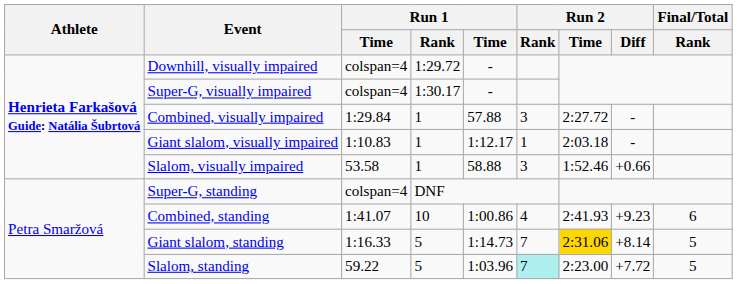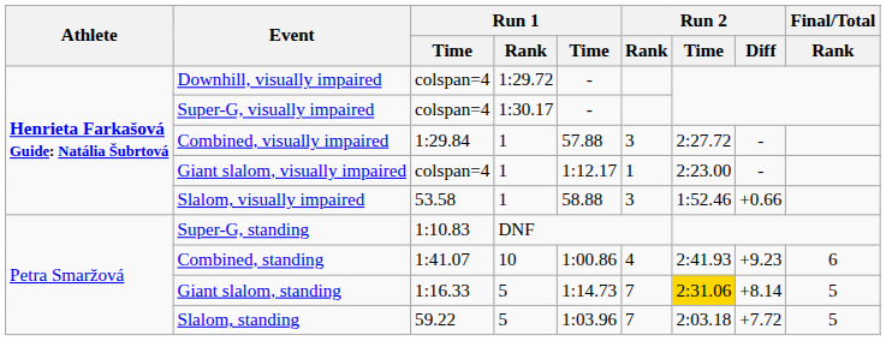 <table class="wikitable" style="font-size:90%">
 <tr>
 <th rowspan="2">Athlete</th>
 <th rowspan="2">Event</th>
 <th colspan="3">Run 1</th>
 <th colspan="3">Run 2</th>
 <th colspan="3">Final/Total</th>
 </tr>
 <tr>
 <th>Time</th>
 <th>Rank</th>
 <th>Time</th>
 <th>Rank</th>
 <th>Time</th>
 <th>Diff</th>
 <th>Rank</th>
 </tr>
 <tr>
 <td rowspan="5"><strong><a href='#'>Henrieta Farkašová</a><br><small><a href='#'>Guide</a>: <a href='#'>Natália Šubrtová</a></small></strong></td>
 <td><a href='#'>Downhill, visually impaired</a></td>
 <td>colspan=4 </td>
 <td align="center">1:29.72</td>
 <td align="center">-</td>
 <td align="center"></td>
 </tr>
 <tr>
 <td><a href='#'>Super-G, visually impaired</a></td>
 <td>colspan=4 </td>
 <td align="center">1:30.17</td>
 <td align="center">-</td>
 <td align="center"></td>
 </tr>
 <tr>
 <td><a href='#'>Combined, visually impaired</a></td>
 <td>1:29.84</td>
 <td>1</td>
 <td>57.88</td>
 <td>3</td>
 <td align="center">2:27.72</td>
 <td align="center">-</td>
 <td align="center"></td>
 </tr>
 <tr>
 <td><a href='#'>Giant slalom, visually impaired</a></td>
-<td>1:10.83</td>
+<td>colspan=4 </td>
 <td>1</td>
 <td>1:12.17</td>
 <td>1</td>
-<td align="center">2:03.18</td>
+<td align="center">2:23.00</td>
 <td align="center">-</td>
 <td align="center"></td>
 </tr>
 <tr>
 <td><a href='#'>Slalom, visually impaired</a></td>
 <td>53.58</td>
 <td>1</td>
 <td>58.88</td>
 <td>3</td>
 <td align="center">1:52.46</td>
 <td align="center">+0.66</td>
 <td align="center"></td>
 </tr>
 <tr>
 <td rowspan="4"><a href='#'>Petra Smaržová</a></td>
 <td><a href='#'>Super-G, standing</a></td>
-<td>colspan=4 </td>
+<td>1:10.83</td>
 <td colspan=3>DNF</td>
 </tr>
 <tr>
 <td><a href='#'>Combined, standing</a></td>
 <td>1:41.07</td>
 <td>10</td>
 <td>1:00.86</td>
 <td>4</td>
 <td align="center">2:41.93</td>
 <td align="center">+9.23</td>
 <td align="center">6</td>
 </tr>
 <tr>
 <td><a href='#'>Giant slalom, standing</a></td>
 <td>1:16.33</td>
 <td>5</td>
 <td>1:14.73</td>
 <td>7</td>
 <td align="center" style="background: gold;">2:31.06</td>
 <td align="center">+8.14</td>
 <td align="center">5</td>
 </tr>
 <tr>
 <td><a href='#'>Slalom, standing</a></td>
 <td>59.22</td>
 <td>5</td>
 <td>1:03.96</td>
-<td style="background: paleturquoise;">7</td>
-<td align="center">2:23.00</td>
+<td>7</td>
+<td align="center">2:03.18</td>
 <td align="center">+7.72</td>
 <td align="center">5</td>
 </tr>
 </table>
